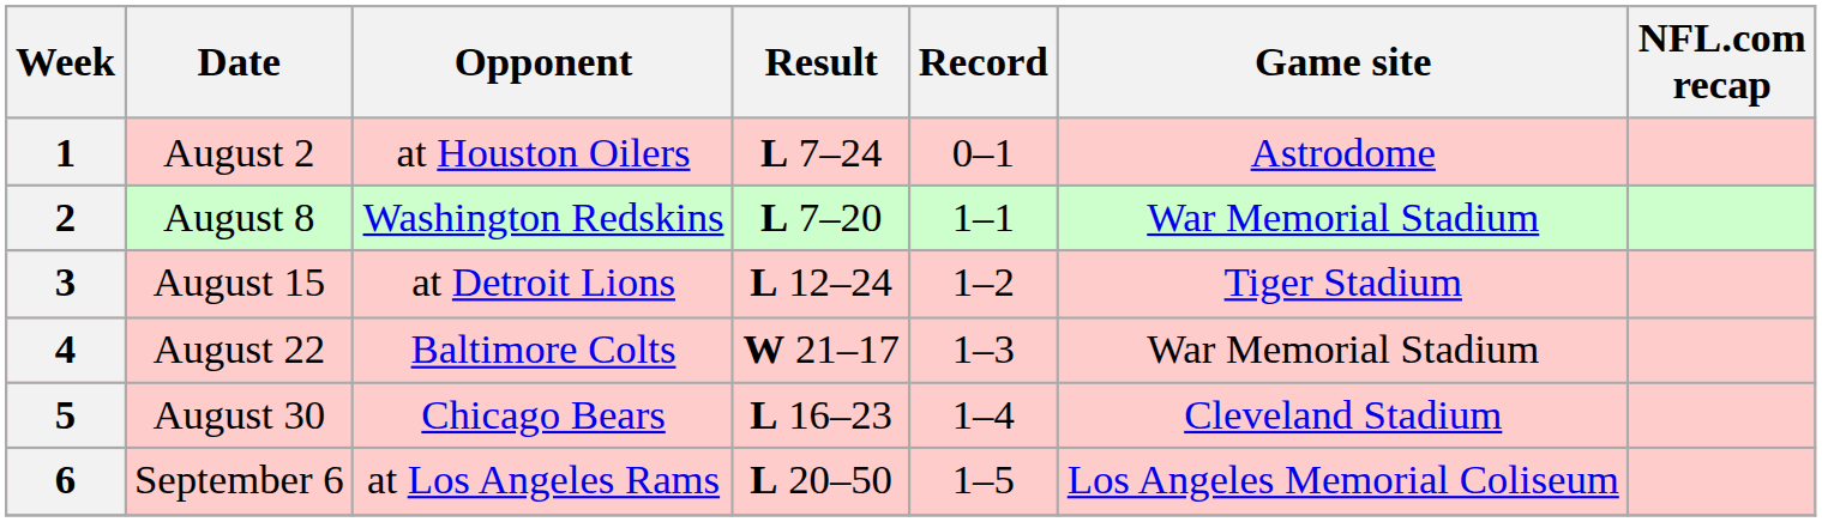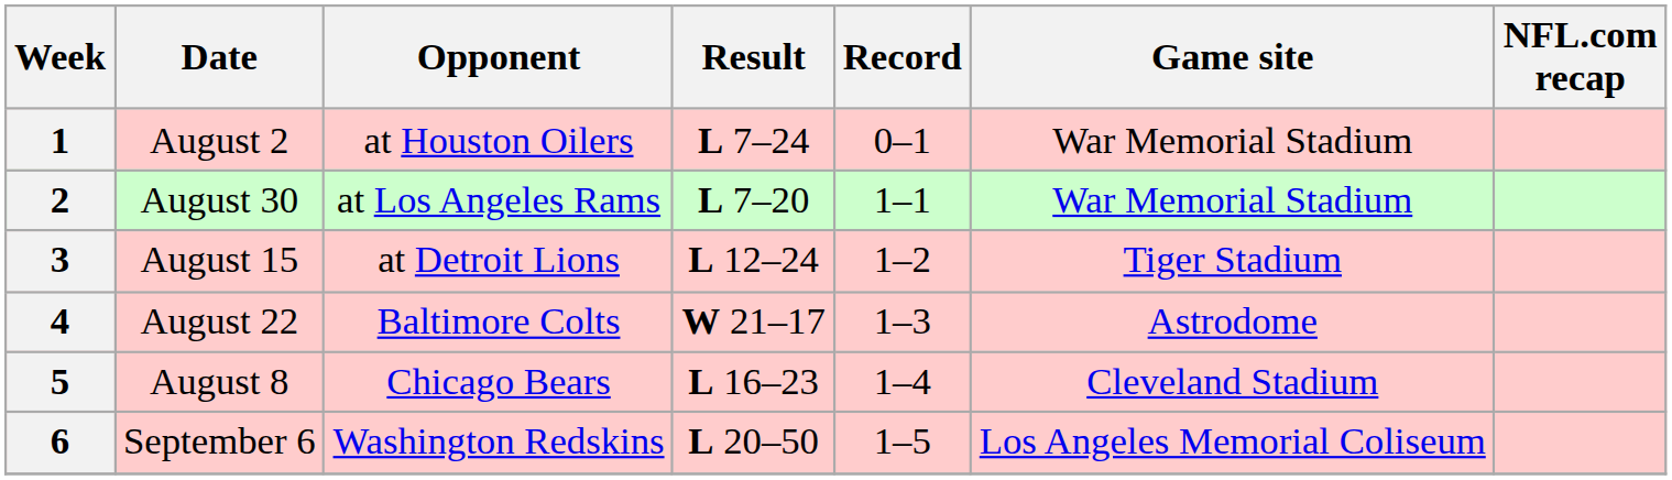 <table class="wikitable" style="text-align:center">
 <tr>
 <th>Week</th>
 <th>Date</th>
 <th>Opponent</th>
 <th>Result</th>
 <th>Record</th>
 <th>Game site</th>
 <th>NFL.com<br>recap</th>
 </tr>
 <tr bgcolor="#fcc">
 <th>1</th>
 <td>August 2</td>
 <td>at <a href='#'>Houston Oilers</a></td>
 <td><strong>L</strong> 7–24</td>
 <td>0–1</td>
-<td><a href='#'>Astrodome</a></td>
+<td>War Memorial Stadium</td>
 <td></td>
 </tr>
 <tr bgcolor="#cfc">
 <th>2</th>
-<td>August 8</td>
-<td><a href='#'>Washington Redskins</a></td>
+<td>August 30</td>
+<td>at <a href='#'>Los Angeles Rams</a></td>
 <td><strong>L</strong> 7–20</td>
 <td>1–1</td>
 <td><a href='#'>War Memorial Stadium</a></td>
 <td></td>
 </tr>
 <tr bgcolor="#fcc">
 <th>3</th>
 <td>August 15</td>
 <td>at <a href='#'>Detroit Lions</a></td>
 <td><strong>L</strong> 12–24</td>
 <td>1–2</td>
 <td><a href='#'>Tiger Stadium</a></td>
 <td></td>
 </tr>
 <tr bgcolor="#fcc">
 <th>4</th>
 <td>August 22</td>
 <td><a href='#'>Baltimore Colts</a></td>
 <td><strong>W</strong> 21–17</td>
 <td>1–3</td>
-<td>War Memorial Stadium</td>
+<td><a href='#'>Astrodome</a></td>
 <td></td>
 </tr>
 <tr bgcolor="#fcc">
 <th>5</th>
-<td>August 30</td>
+<td>August 8</td>
 <td><a href='#'>Chicago Bears</a></td>
 <td><strong>L</strong> 16–23</td>
 <td>1–4</td>
 <td><a href='#'>Cleveland Stadium</a></td>
 <td></td>
 </tr>
 <tr bgcolor="#fcc">
 <th>6</th>
 <td>September 6</td>
-<td>at <a href='#'>Los Angeles Rams</a></td>
+<td><a href='#'>Washington Redskins</a></td>
 <td><strong>L</strong> 20–50</td>
 <td>1–5</td>
 <td><a href='#'>Los Angeles Memorial Coliseum</a></td>
 <td></td>
 </tr>
 <tr>
 </tr>
 </table>
